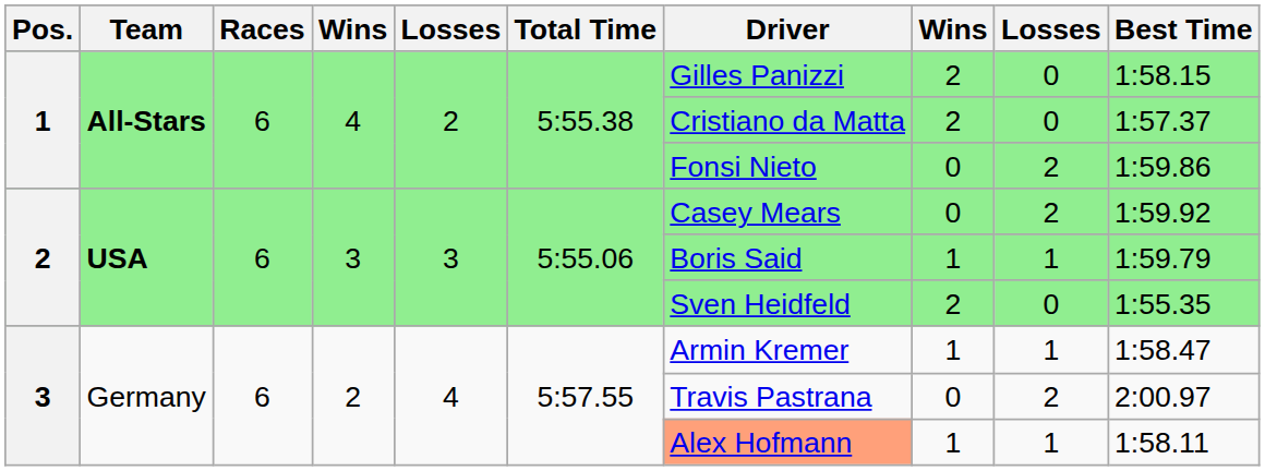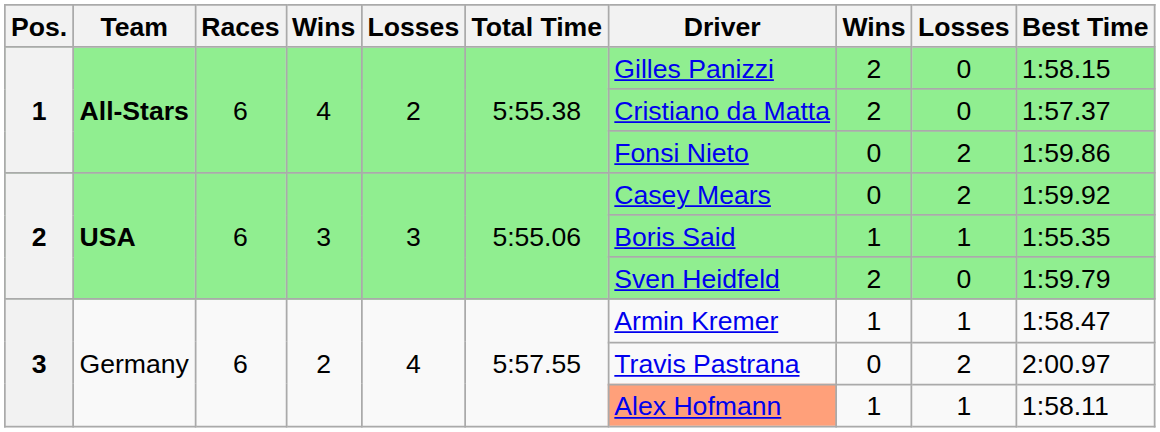 <table class="wikitable" style="font-size: 95%;">
 <tr>
 <th>Pos.</th>
 <th>Team</th>
 <th>Races</th>
 <th>Wins</th>
 <th>Losses</th>
 <th>Total Time</th>
 <th>Driver</th>
 <th>Wins</th>
 <th>Losses</th>
 <th>Best Time</th>
 </tr>
 <tr style="background:lightgreen;">
 <th rowspan=3>1</th>
 <td rowspan=3> <strong>All-Stars</strong></td>
 <td rowspan=3 align=center>6</td>
 <td rowspan=3 align=center>4</td>
 <td rowspan=3 align=center>2</td>
 <td rowspan=3 align=center>5:55.38</td>
 <td> <a href='#'>Gilles Panizzi</a></td>
 <td align=center>2</td>
 <td align=center>0</td>
 <td>1:58.15</td>
 </tr>
 <tr style="background:lightgreen;">
 <td> <a href='#'>Cristiano da Matta</a></td>
 <td align=center>2</td>
 <td align=center>0</td>
 <td>1:57.37</td>
 </tr>
 <tr style="background:lightgreen;">
 <td> <a href='#'>Fonsi Nieto</a></td>
 <td align=center>0</td>
 <td align=center>2</td>
 <td>1:59.86</td>
 </tr>
 <tr style="background:lightgreen;">
 <th rowspan=3>2</th>
 <td rowspan=3>  <strong>USA</strong></td>
 <td rowspan=3 align=center>6</td>
 <td rowspan=3 align=center>3</td>
 <td rowspan=3 align=center>3</td>
 <td rowspan=3 align=center>5:55.06</td>
 <td> <a href='#'>Casey Mears</a></td>
 <td align=center>0</td>
 <td align=center>2</td>
 <td>1:59.92</td>
 </tr>
 <tr style="background:lightgreen;">
 <td> <a href='#'>Boris Said</a></td>
 <td align=center>1</td>
 <td align=center>1</td>
-<td>1:59.79</td>
+<td>1:55.35</td>
 </tr>
 <tr style="background:lightgreen;">
 <td> <a href='#'>Sven Heidfeld</a></td>
 <td align=center>2</td>
 <td align=center>0</td>
-<td>1:55.35</td>
+<td>1:59.79</td>
 </tr>
 <tr>
 <th rowspan=3>3</th>
 <td rowspan=3> Germany</td>
 <td rowspan=3 align=center>6</td>
 <td rowspan=3 align=center>2</td>
 <td rowspan=3 align=center>4</td>
 <td rowspan=3 align=center>5:57.55</td>
 <td> <a href='#'>Armin Kremer</a></td>
 <td align=center>1</td>
 <td align=center>1</td>
 <td>1:58.47</td>
 </tr>
 <tr>
 <td> <a href='#'>Travis Pastrana</a></td>
 <td align=center>0</td>
 <td align=center>2</td>
 <td>2:00.97</td>
 </tr>
 <tr>
 <td style="background: lightsalmon;"> <a href='#'>Alex Hofmann</a></td>
 <td align=center>1</td>
 <td align=center>1</td>
 <td>1:58.11</td>
 </tr>
 </table>
